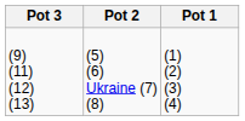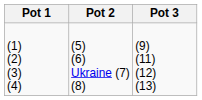 <table class="wikitable">
 <tr>
+<th width=33.33%>Pot 1</th>
+<th width=33.33%>Pot 2</th>
 <th width=33.33%>Pot 3</th>
-<th width=33.33%>Pot 2</th>
-<th width=33.33%>Pot 1</th>
 </tr>
 <tr>
+<td><br> (1)<br>  (2)<br>  (3)<br>  (4)</td>
+<td><br> (5)<br>  (6)<br>  <a href='#'>Ukraine</a> (7)<br>  (8)</td>
 <td><br> (9)<br>  (11)<br>  (12)<br>  (13)</td>
-<td><br> (5)<br>  (6)<br>  <a href='#'>Ukraine</a> (7)<br>  (8)</td>
-<td><br> (1)<br>  (2)<br>  (3)<br>  (4)</td>
 </tr>
 </table>
